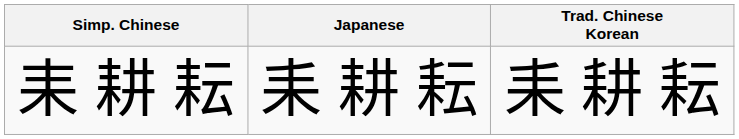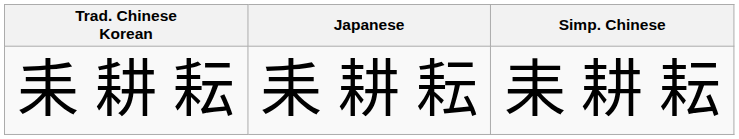 <table class="wikitable" style="text-align: center;">
 <tr>
+<th>Trad. Chinese<br>Korean</th>
+<th>Japanese</th>
 <th>Simp. Chinese</th>
-<th>Japanese</th>
-<th>Trad. Chinese<br>Korean</th>
 </tr>
 <tr style="font-size:4em;font-family:serif;line-height:100%;">
+<td lang="zh-tw">耒 耕 耘</td>
+<td lang="ja">耒 耕 耘</td>
 <td lang="zh-cn">耒 耕 耘</td>
-<td lang="ja">耒 耕 耘</td>
-<td lang="zh-tw">耒 耕 耘</td>
 </tr>
 </table>
